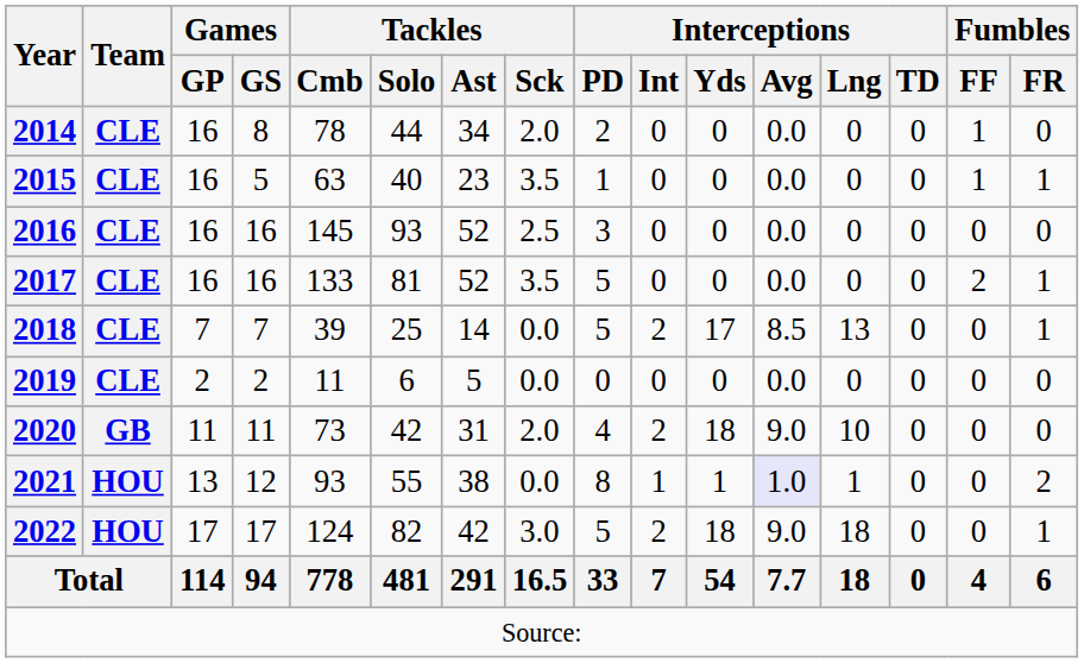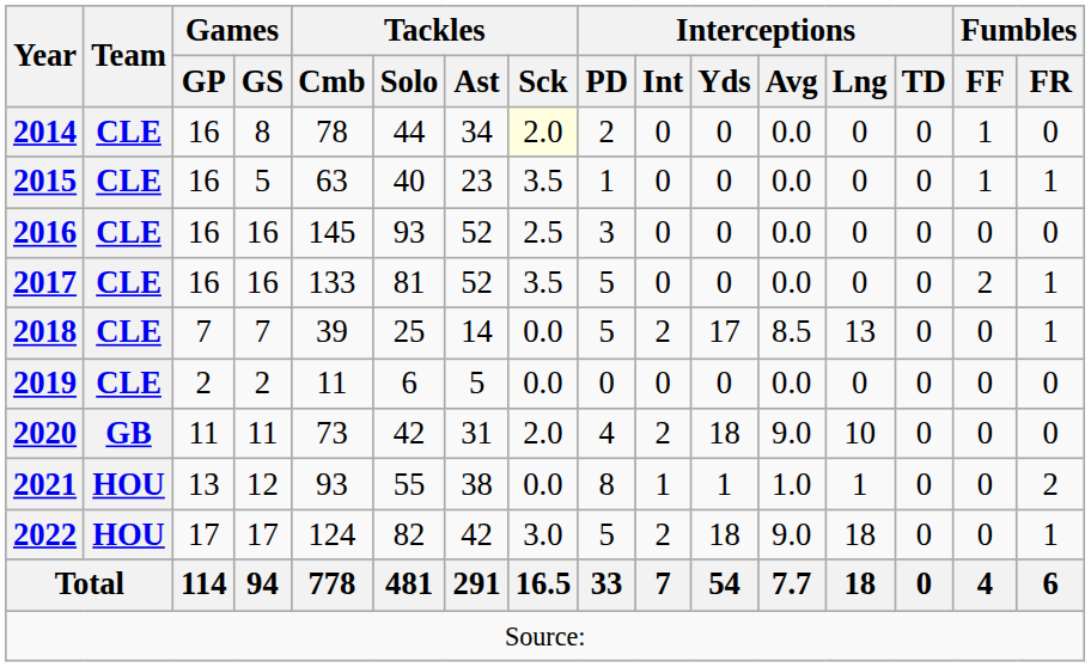 <table class="wikitable" style="text-align: center;">
 <tr>
 <th rowspan="2">Year</th>
 <th rowspan="2">Team</th>
 <th colspan="2">Games</th>
 <th colspan="4">Tackles</th>
 <th colspan="6">Interceptions</th>
 <th colspan="2">Fumbles</th>
 </tr>
 <tr>
 <th>GP</th>
 <th>GS</th>
 <th>Cmb</th>
 <th>Solo</th>
 <th>Ast</th>
 <th>Sck</th>
 <th>PD</th>
 <th>Int</th>
 <th>Yds</th>
 <th>Avg</th>
 <th>Lng</th>
 <th>TD</th>
 <th>FF</th>
 <th>FR</th>
 </tr>
 <tr>
 <th><a href='#'>2014</a></th>
 <th><a href='#'>CLE</a></th>
 <td>16</td>
 <td>8</td>
 <td>78</td>
 <td>44</td>
 <td>34</td>
-<td>2.0</td>
+<td style="background: lightyellow;">2.0</td>
 <td>2</td>
 <td>0</td>
 <td>0</td>
 <td>0.0</td>
 <td>0</td>
 <td>0</td>
 <td>1</td>
 <td>0</td>
 </tr>
 <tr>
 <th><a href='#'>2015</a></th>
 <th><a href='#'>CLE</a></th>
 <td>16</td>
 <td>5</td>
 <td>63</td>
 <td>40</td>
 <td>23</td>
 <td>3.5</td>
 <td>1</td>
 <td>0</td>
 <td>0</td>
 <td>0.0</td>
 <td>0</td>
 <td>0</td>
 <td>1</td>
 <td>1</td>
 </tr>
 <tr>
 <th><a href='#'>2016</a></th>
 <th><a href='#'>CLE</a></th>
 <td>16</td>
 <td>16</td>
 <td>145</td>
 <td>93</td>
 <td>52</td>
 <td>2.5</td>
 <td>3</td>
 <td>0</td>
 <td>0</td>
 <td>0.0</td>
 <td>0</td>
 <td>0</td>
 <td>0</td>
 <td>0</td>
 </tr>
 <tr>
 <th><a href='#'>2017</a></th>
 <th><a href='#'>CLE</a></th>
 <td>16</td>
 <td>16</td>
 <td>133</td>
 <td>81</td>
 <td>52</td>
 <td>3.5</td>
 <td>5</td>
 <td>0</td>
 <td>0</td>
 <td>0.0</td>
 <td>0</td>
 <td>0</td>
 <td>2</td>
 <td>1</td>
 </tr>
 <tr>
 <th><a href='#'>2018</a></th>
 <th><a href='#'>CLE</a></th>
 <td>7</td>
 <td>7</td>
 <td>39</td>
 <td>25</td>
 <td>14</td>
 <td>0.0</td>
 <td>5</td>
 <td>2</td>
 <td>17</td>
 <td>8.5</td>
 <td>13</td>
 <td>0</td>
 <td>0</td>
 <td>1</td>
 </tr>
 <tr>
 <th><a href='#'>2019</a></th>
 <th><a href='#'>CLE</a></th>
 <td>2</td>
 <td>2</td>
 <td>11</td>
 <td>6</td>
 <td>5</td>
 <td>0.0</td>
 <td>0</td>
 <td>0</td>
 <td>0</td>
 <td>0.0</td>
 <td>0</td>
 <td>0</td>
 <td>0</td>
 <td>0</td>
 </tr>
 <tr>
 <th><a href='#'>2020</a></th>
 <th><a href='#'>GB</a></th>
 <td>11</td>
 <td>11</td>
 <td>73</td>
 <td>42</td>
 <td>31</td>
 <td>2.0</td>
 <td>4</td>
 <td>2</td>
 <td>18</td>
 <td>9.0</td>
 <td>10</td>
 <td>0</td>
 <td>0</td>
 <td>0</td>
 </tr>
 <tr>
 <th><a href='#'>2021</a></th>
 <th><a href='#'>HOU</a></th>
 <td>13</td>
 <td>12</td>
 <td>93</td>
 <td>55</td>
 <td>38</td>
 <td>0.0</td>
 <td>8</td>
 <td>1</td>
 <td>1</td>
-<td style="background: lavender;">1.0</td>
+<td>1.0</td>
 <td>1</td>
 <td>0</td>
 <td>0</td>
 <td>2</td>
 </tr>
 <tr>
 <th><a href='#'>2022</a></th>
 <th><a href='#'>HOU</a></th>
 <td>17</td>
 <td>17</td>
 <td>124</td>
 <td>82</td>
 <td>42</td>
 <td>3.0</td>
 <td>5</td>
 <td>2</td>
 <td>18</td>
 <td>9.0</td>
 <td>18</td>
 <td>0</td>
 <td>0</td>
 <td>1</td>
 </tr>
 <tr>
 <th colspan="2">Total</th>
 <th>114</th>
 <th>94</th>
 <th>778</th>
 <th>481</th>
 <th>291</th>
 <th>16.5</th>
 <th>33</th>
 <th>7</th>
 <th>54</th>
 <th>7.7</th>
 <th>18</th>
 <th>0</th>
 <th>4</th>
 <th>6</th>
 </tr>
 <tr>
 <td colspan="16"><small>Source: </small></td>
 </tr>
 </table>
